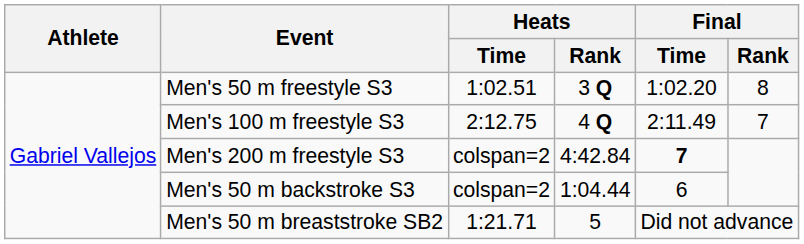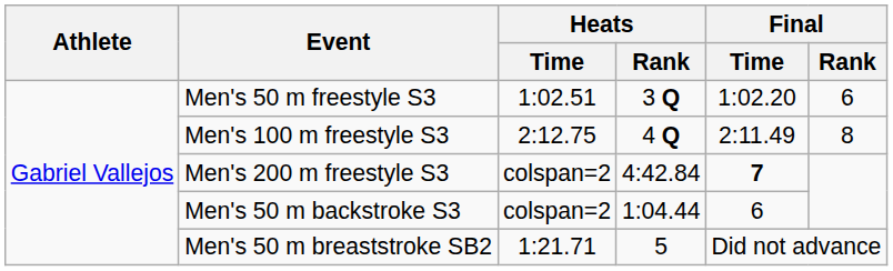 <table class=wikitable style="font-size:90%">
 <tr>
 <th rowspan="2">Athlete</th>
 <th rowspan="2">Event</th>
 <th colspan="2">Heats</th>
 <th colspan="2">Final</th>
 </tr>
 <tr>
 <th>Time</th>
 <th>Rank</th>
 <th>Time</th>
 <th>Rank</th>
 </tr>
 <tr align=center>
 <td rowspan=5 align=left><a href='#'>Gabriel Vallejos</a></td>
 <td align=left>Men's 50 m freestyle S3</td>
 <td>1:02.51</td>
 <td>3 <strong>Q</strong></td>
 <td>1:02.20</td>
-<td>8</td>
+<td>6</td>
 </tr>
 <tr align=center>
 <td align=left>Men's 100 m freestyle S3</td>
 <td>2:12.75</td>
 <td>4 <strong>Q</strong></td>
 <td>2:11.49</td>
-<td>7</td>
+<td>8</td>
 </tr>
 <tr align=center>
 <td align=left>Men's 200 m freestyle S3</td>
 <td>colspan=2 </td>
 <td>4:42.84</td>
 <td><strong>7</strong></td>
 </tr>
 <tr align=center>
 <td align=left>Men's 50 m backstroke S3</td>
 <td>colspan=2 </td>
 <td>1:04.44</td>
 <td>6</td>
 </tr>
 <tr align=center>
 <td align=left>Men's 50 m breaststroke SB2</td>
 <td>1:21.71</td>
 <td>5</td>
 <td colspan=2>Did not advance</td>
 </tr>
 </table>
